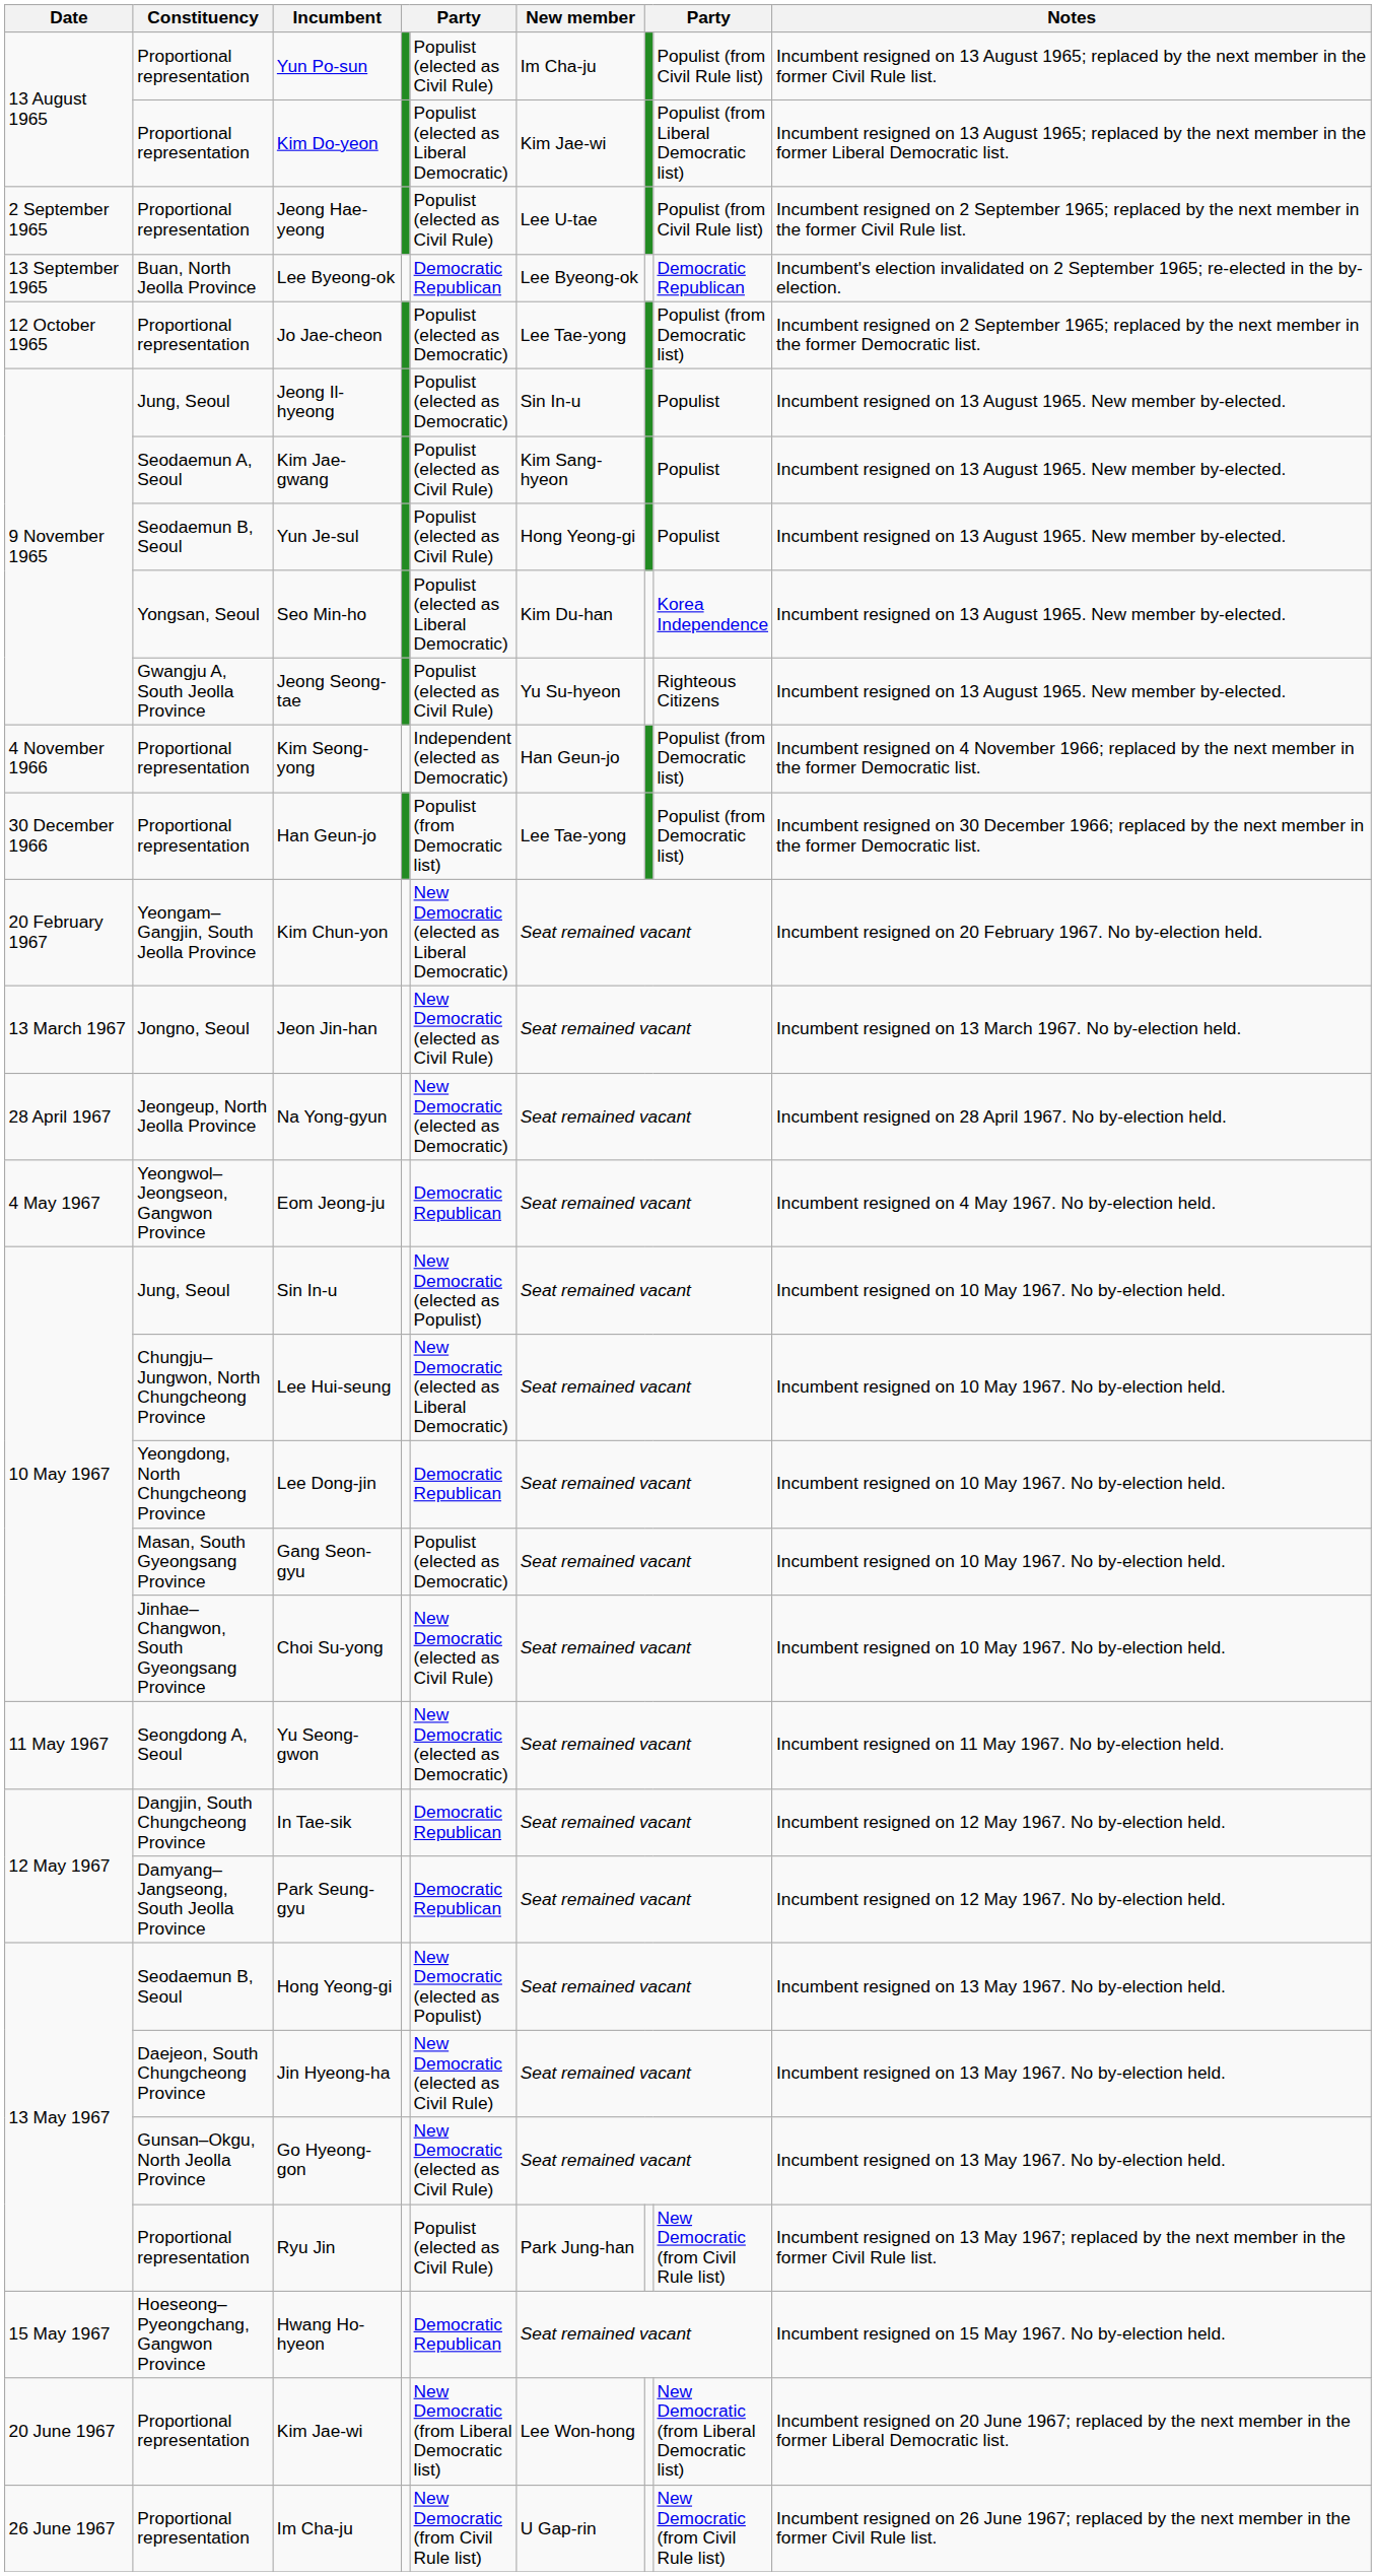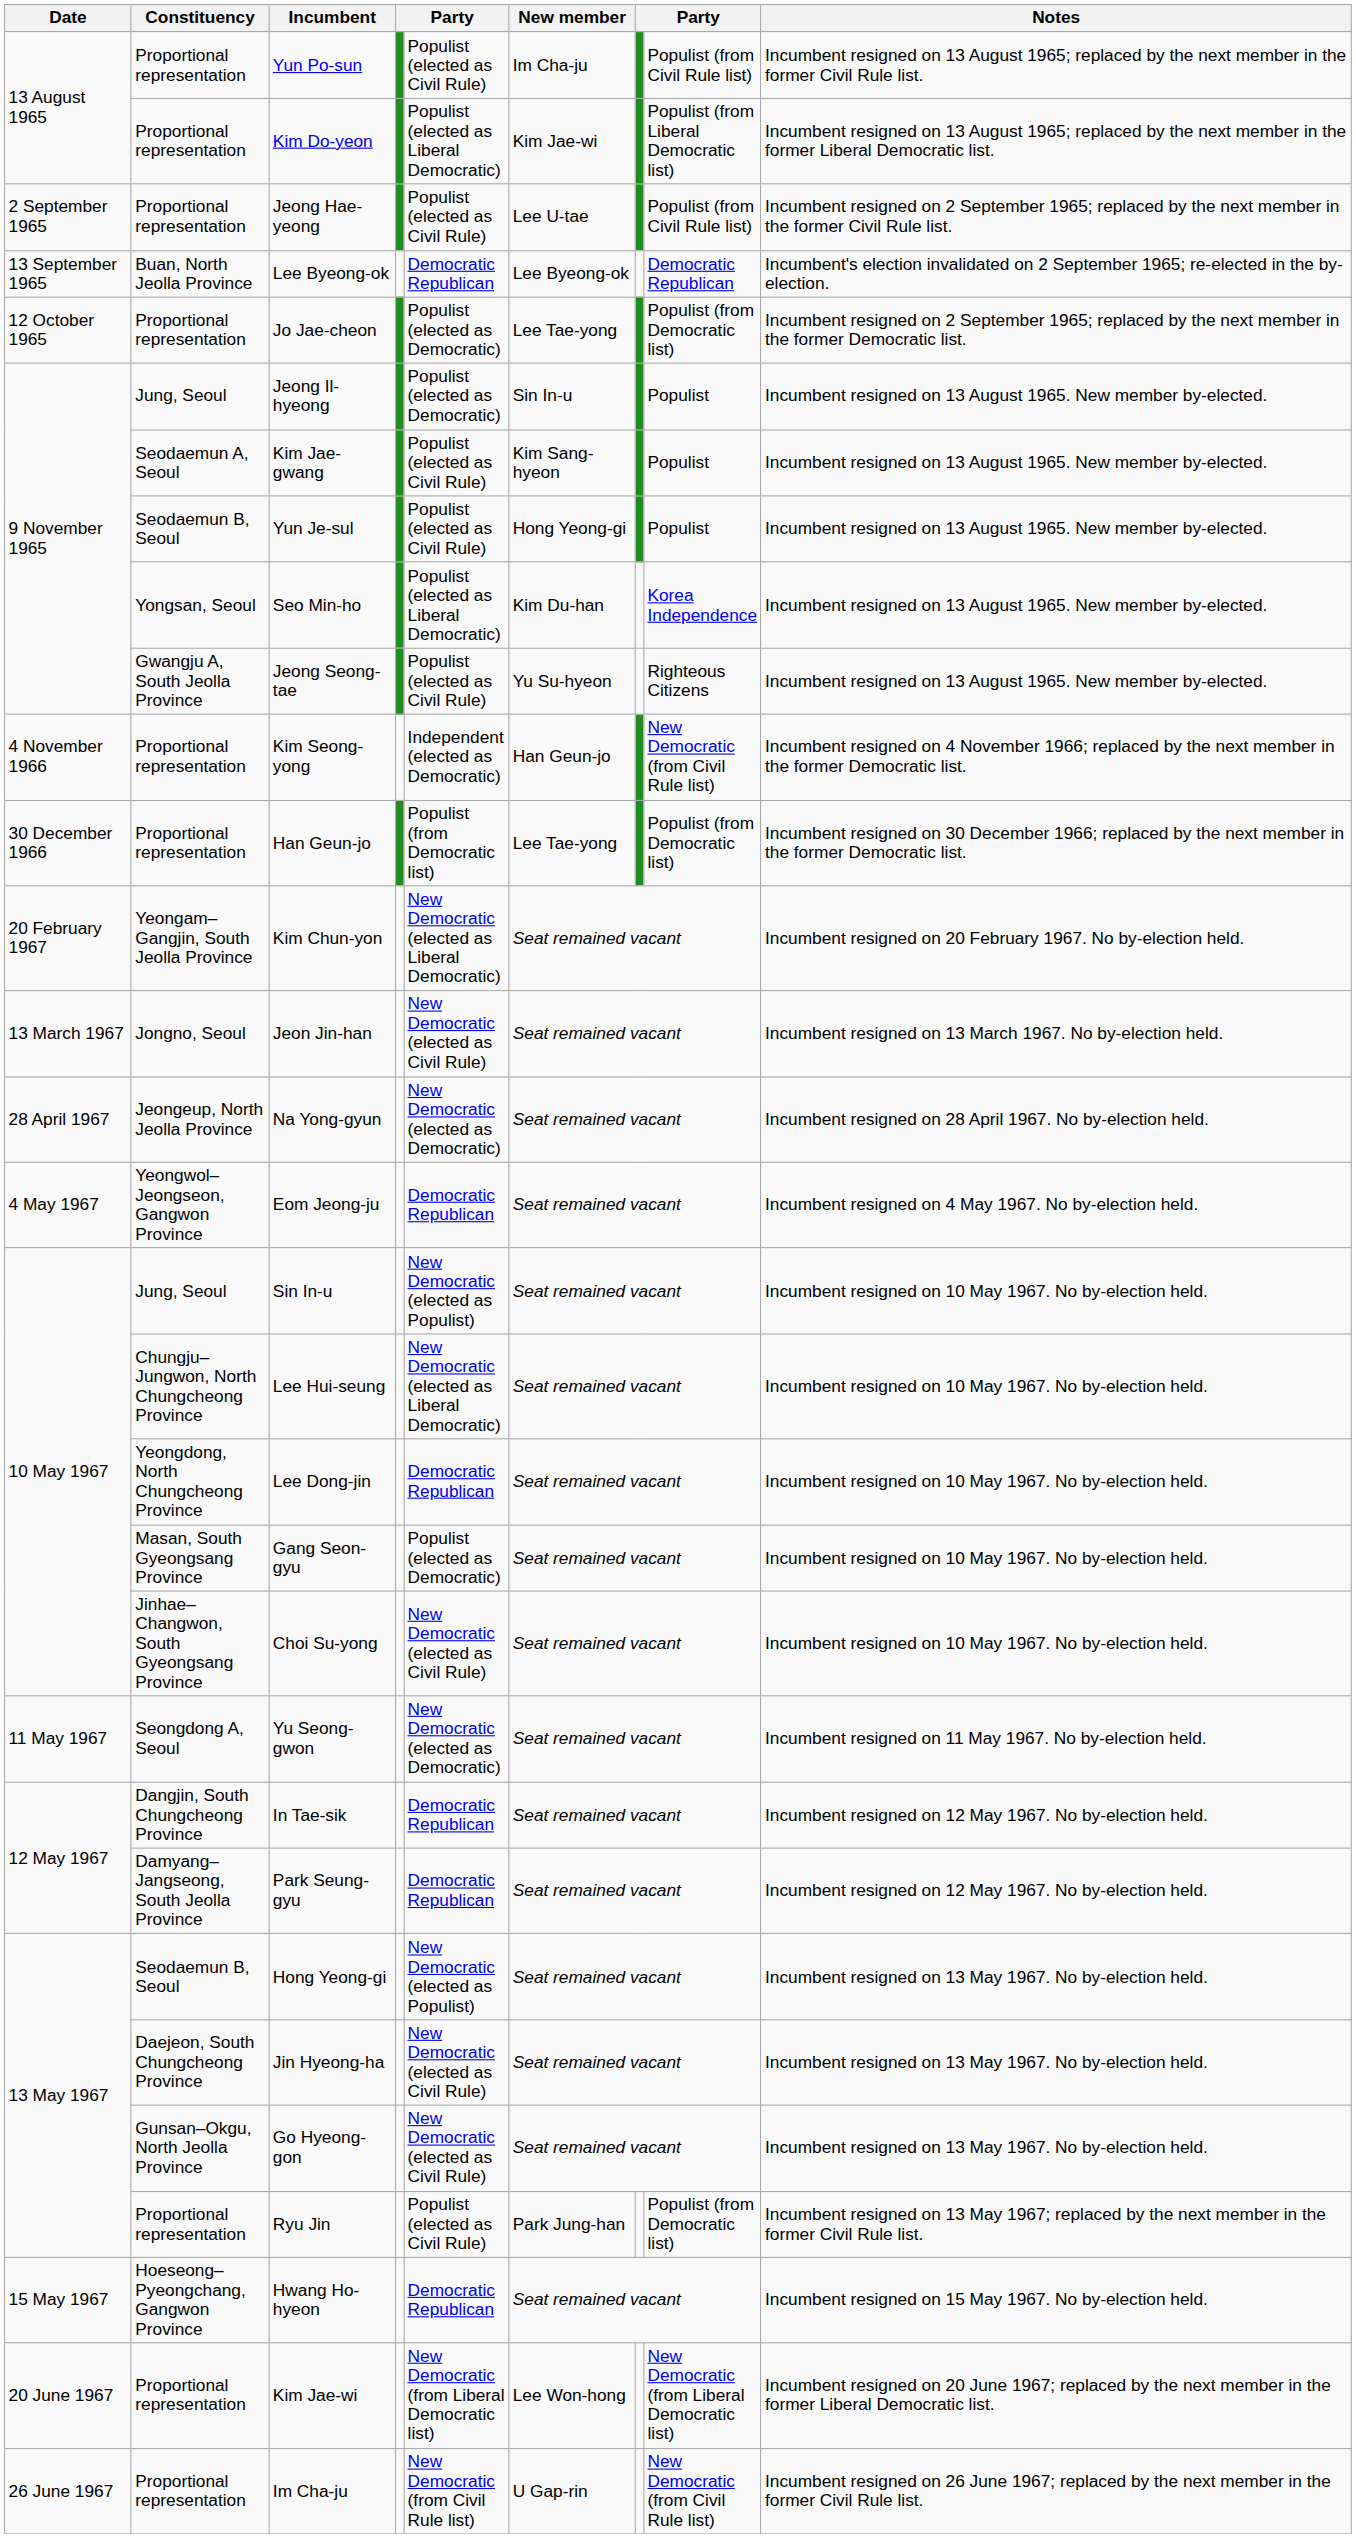 <table class="wikitable sortable plainrowheaders">
 <tr>
 <th width="110px">Date</th>
 <th width="120px">Constituency</th>
 <th width="110px">Incumbent</th>
 <th colspan="2">Party</th>
 <th width="110px">New member</th>
 <th colspan="2">Party</th>
 <th class="unsortable">Notes</th>
 </tr>
 <tr>
 <td rowspan="2">13 August 1965</td>
 <td>Proportional representation</td>
 <td><a href='#'>Yun Po-sun</a></td>
 <td bgcolor=#228B22></td>
 <td width="90px">Populist (elected as Civil Rule)</td>
 <td>Im Cha-ju</td>
 <td bgcolor=#228B22></td>
 <td width="90px">Populist (from Civil Rule list)</td>
 <td>Incumbent resigned on 13 August 1965; replaced by the next member in the former Civil Rule list.</td>
 </tr>
 <tr>
 <td>Proportional representation</td>
 <td><a href='#'>Kim Do-yeon</a></td>
 <td bgcolor=#228B22></td>
 <td>Populist (elected as Liberal Democratic)</td>
 <td>Kim Jae-wi</td>
 <td bgcolor=#228B22></td>
 <td>Populist (from Liberal Democratic list)</td>
 <td>Incumbent resigned on 13 August 1965; replaced by the next member in the former Liberal Democratic list.</td>
 </tr>
 <tr>
 <td>2 September 1965</td>
 <td>Proportional representation</td>
 <td>Jeong Hae-yeong</td>
 <td bgcolor=#228B22></td>
 <td>Populist (elected as Civil Rule)</td>
 <td>Lee U-tae</td>
 <td bgcolor=#228B22></td>
 <td>Populist (from Civil Rule list)</td>
 <td>Incumbent resigned on 2 September 1965; replaced by the next member in the former Civil Rule list.</td>
 </tr>
 <tr>
 <td>13 September 1965</td>
 <td>Buan, North Jeolla Province</td>
 <td>Lee Byeong-ok</td>
 <td></td>
 <td><a href='#'>Democratic Republican</a></td>
 <td>Lee Byeong-ok</td>
 <td></td>
 <td><a href='#'>Democratic Republican</a></td>
 <td>Incumbent's election invalidated on 2 September 1965; re-elected in the by-election.</td>
 </tr>
 <tr>
 <td>12 October 1965</td>
 <td>Proportional representation</td>
 <td>Jo Jae-cheon</td>
 <td bgcolor=#228B22></td>
 <td>Populist (elected as Democratic)</td>
 <td>Lee Tae-yong</td>
 <td bgcolor=#228B22></td>
 <td>Populist (from Democratic list)</td>
 <td>Incumbent resigned on 2 September 1965; replaced by the next member in the former Democratic list.</td>
 </tr>
 <tr>
 <td rowspan="5">9 November 1965</td>
 <td>Jung, Seoul</td>
 <td>Jeong Il-hyeong</td>
 <td bgcolor=#228B22></td>
 <td>Populist (elected as Democratic)</td>
 <td>Sin In-u</td>
 <td bgcolor=#228B22></td>
 <td>Populist</td>
 <td>Incumbent resigned on 13 August 1965. New member by-elected.</td>
 </tr>
 <tr>
 <td>Seodaemun A, Seoul</td>
 <td>Kim Jae-gwang</td>
 <td bgcolor=#228B22></td>
 <td>Populist (elected as Civil Rule)</td>
 <td>Kim Sang-hyeon</td>
 <td bgcolor=#228B22></td>
 <td>Populist</td>
 <td>Incumbent resigned on 13 August 1965. New member by-elected.</td>
 </tr>
 <tr>
 <td>Seodaemun B, Seoul</td>
 <td>Yun Je-sul</td>
 <td bgcolor=#228B22></td>
 <td>Populist (elected as Civil Rule)</td>
 <td>Hong Yeong-gi</td>
 <td bgcolor=#228B22></td>
 <td>Populist</td>
 <td>Incumbent resigned on 13 August 1965. New member by-elected.</td>
 </tr>
 <tr>
 <td>Yongsan, Seoul</td>
 <td>Seo Min-ho</td>
 <td bgcolor=#228B22></td>
 <td>Populist (elected as Liberal Democratic)</td>
 <td>Kim Du-han</td>
 <td></td>
 <td><a href='#'>Korea Independence</a></td>
 <td>Incumbent resigned on 13 August 1965. New member by-elected.</td>
 </tr>
 <tr>
 <td>Gwangju A, South Jeolla Province</td>
 <td>Jeong Seong-tae</td>
 <td bgcolor=#228B22></td>
 <td>Populist (elected as Civil Rule)</td>
 <td>Yu Su-hyeon</td>
 <td></td>
 <td>Righteous Citizens</td>
 <td>Incumbent resigned on 13 August 1965. New member by-elected.</td>
 </tr>
 <tr>
 <td>4 November 1966</td>
 <td>Proportional representation</td>
 <td>Kim Seong-yong</td>
 <td bgcolor=></td>
 <td>Independent (elected as Democratic)</td>
 <td>Han Geun-jo</td>
 <td bgcolor=#228B22></td>
-<td>Populist (from Democratic list)</td>
+<td><a href='#'>New Democratic</a> (from Civil Rule list)</td>
 <td>Incumbent resigned on 4 November 1966; replaced by the next member in the former Democratic list.</td>
 </tr>
 <tr>
 <td>30 December 1966</td>
 <td>Proportional representation</td>
 <td>Han Geun-jo</td>
 <td bgcolor=#228B22></td>
 <td>Populist (from Democratic list)</td>
 <td>Lee Tae-yong</td>
 <td bgcolor=#228B22></td>
 <td>Populist (from Democratic list)</td>
 <td>Incumbent resigned on 30 December 1966; replaced by the next member in the former Democratic list.</td>
 </tr>
 <tr>
 <td>20 February 1967</td>
 <td>Yeongam–Gangjin, South Jeolla Province</td>
 <td>Kim Chun-yon</td>
 <td bgcolor=></td>
 <td><a href='#'>New Democratic</a> (elected as Liberal Democratic)</td>
 <td colspan="3"><em>Seat remained vacant</em></td>
 <td>Incumbent resigned on 20 February 1967. No by-election held.</td>
 </tr>
 <tr>
 <td>13 March 1967</td>
 <td>Jongno, Seoul</td>
 <td>Jeon Jin-han</td>
 <td bgcolor=></td>
 <td><a href='#'>New Democratic</a> (elected as Civil Rule)</td>
 <td colspan="3"><em>Seat remained vacant</em></td>
 <td>Incumbent resigned on 13 March 1967. No by-election held.</td>
 </tr>
 <tr>
 <td>28 April 1967</td>
 <td>Jeongeup, North Jeolla Province</td>
 <td>Na Yong-gyun</td>
 <td bgcolor=></td>
 <td><a href='#'>New Democratic</a> (elected as Democratic)</td>
 <td colspan="3"><em>Seat remained vacant</em></td>
 <td>Incumbent resigned on 28 April 1967. No by-election held.</td>
 </tr>
 <tr>
 <td>4 May 1967</td>
 <td>Yeongwol–Jeongseon, Gangwon Province</td>
 <td>Eom Jeong-ju</td>
 <td></td>
 <td><a href='#'>Democratic Republican</a></td>
 <td colspan="3"><em>Seat remained vacant</em></td>
 <td>Incumbent resigned on 4 May 1967. No by-election held.</td>
 </tr>
 <tr>
 <td rowspan="5">10 May 1967</td>
 <td>Jung, Seoul</td>
 <td>Sin In-u</td>
 <td bgcolor=></td>
 <td><a href='#'>New Democratic</a> (elected as Populist)</td>
 <td colspan="3"><em>Seat remained vacant</em></td>
 <td>Incumbent resigned on 10 May 1967. No by-election held.</td>
 </tr>
 <tr>
 <td>Chungju–Jungwon, North Chungcheong Province</td>
 <td>Lee Hui-seung</td>
 <td bgcolor=></td>
 <td><a href='#'>New Democratic</a> (elected as Liberal Democratic)</td>
 <td colspan="3"><em>Seat remained vacant</em></td>
 <td>Incumbent resigned on 10 May 1967. No by-election held.</td>
 </tr>
 <tr>
 <td>Yeongdong, North Chungcheong Province</td>
 <td>Lee Dong-jin</td>
 <td></td>
 <td><a href='#'>Democratic Republican</a></td>
 <td colspan="3"><em>Seat remained vacant</em></td>
 <td>Incumbent resigned on 10 May 1967. No by-election held.</td>
 </tr>
 <tr>
 <td>Masan, South Gyeongsang Province</td>
 <td>Gang Seon-gyu</td>
 <td bgcolor=></td>
 <td>Populist (elected as Democratic)</td>
 <td colspan="3"><em>Seat remained vacant</em></td>
 <td>Incumbent resigned on 10 May 1967. No by-election held.</td>
 </tr>
 <tr>
 <td>Jinhae–Changwon, South Gyeongsang Province</td>
 <td>Choi Su-yong</td>
 <td bgcolor=></td>
 <td><a href='#'>New Democratic</a> (elected as Civil Rule)</td>
 <td colspan="3"><em>Seat remained vacant</em></td>
 <td>Incumbent resigned on 10 May 1967. No by-election held.</td>
 </tr>
 <tr>
 <td>11 May 1967</td>
 <td>Seongdong A, Seoul</td>
 <td>Yu Seong-gwon</td>
 <td bgcolor=></td>
 <td><a href='#'>New Democratic</a> (elected as Democratic)</td>
 <td colspan="3"><em>Seat remained vacant</em></td>
 <td>Incumbent resigned on 11 May 1967. No by-election held.</td>
 </tr>
 <tr>
 <td rowspan="2">12 May 1967</td>
 <td>Dangjin, South Chungcheong Province</td>
 <td>In Tae-sik</td>
 <td></td>
 <td><a href='#'>Democratic Republican</a></td>
 <td colspan="3"><em>Seat remained vacant</em></td>
 <td>Incumbent resigned on 12 May 1967. No by-election held.</td>
 </tr>
 <tr>
 <td>Damyang–Jangseong, South Jeolla Province</td>
 <td>Park Seung-gyu</td>
 <td></td>
 <td><a href='#'>Democratic Republican</a></td>
 <td colspan="3"><em>Seat remained vacant</em></td>
 <td>Incumbent resigned on 12 May 1967. No by-election held.</td>
 </tr>
 <tr>
 <td rowspan="4">13 May 1967</td>
 <td>Seodaemun B, Seoul</td>
 <td>Hong Yeong-gi</td>
 <td bgcolor=></td>
 <td><a href='#'>New Democratic</a> (elected as Populist)</td>
 <td colspan="3"><em>Seat remained vacant</em></td>
 <td>Incumbent resigned on 13 May 1967. No by-election held.</td>
 </tr>
 <tr>
 <td>Daejeon, South Chungcheong Province</td>
 <td>Jin Hyeong-ha</td>
 <td bgcolor=></td>
 <td><a href='#'>New Democratic</a> (elected as Civil Rule)</td>
 <td colspan="3"><em>Seat remained vacant</em></td>
 <td>Incumbent resigned on 13 May 1967. No by-election held.</td>
 </tr>
 <tr>
 <td>Gunsan–Okgu, North Jeolla Province</td>
 <td>Go Hyeong-gon</td>
 <td bgcolor=></td>
 <td><a href='#'>New Democratic</a> (elected as Civil Rule)</td>
 <td colspan="3"><em>Seat remained vacant</em></td>
 <td>Incumbent resigned on 13 May 1967. No by-election held.</td>
 </tr>
 <tr>
 <td>Proportional representation</td>
 <td>Ryu Jin</td>
 <td></td>
 <td>Populist (elected as Civil Rule)</td>
 <td>Park Jung-han</td>
 <td></td>
-<td><a href='#'>New Democratic</a> (from Civil Rule list)</td>
+<td>Populist (from Democratic list)</td>
 <td>Incumbent resigned on 13 May 1967; replaced by the next member in the former Civil Rule list.</td>
 </tr>
 <tr>
 <td>15 May 1967</td>
 <td>Hoeseong–Pyeongchang, Gangwon Province</td>
 <td>Hwang Ho-hyeon</td>
 <td></td>
 <td><a href='#'>Democratic Republican</a></td>
 <td colspan="3"><em>Seat remained vacant</em></td>
 <td>Incumbent resigned on 15 May 1967. No by-election held.</td>
 </tr>
 <tr>
 <td>20 June 1967</td>
 <td>Proportional representation</td>
 <td>Kim Jae-wi</td>
 <td></td>
 <td><a href='#'>New Democratic</a> (from Liberal Democratic list)</td>
 <td>Lee Won-hong</td>
 <td></td>
 <td><a href='#'>New Democratic</a> (from Liberal Democratic list)</td>
 <td>Incumbent resigned on 20 June 1967; replaced by the next member in the former Liberal Democratic list.</td>
 </tr>
 <tr>
 <td>26 June 1967</td>
 <td>Proportional representation</td>
 <td>Im Cha-ju</td>
 <td></td>
 <td><a href='#'>New Democratic</a> (from Civil Rule list)</td>
 <td>U Gap-rin</td>
 <td></td>
 <td><a href='#'>New Democratic</a> (from Civil Rule list)</td>
 <td>Incumbent resigned on 26 June 1967; replaced by the next member in the former Civil Rule list.</td>
 </tr>
 </table>
